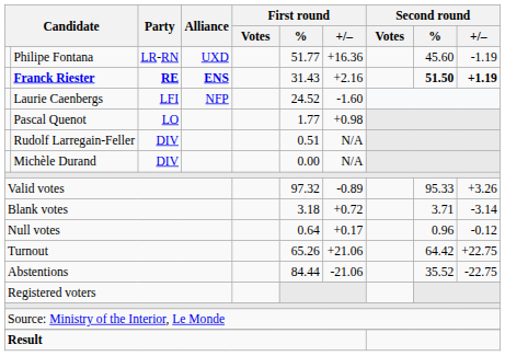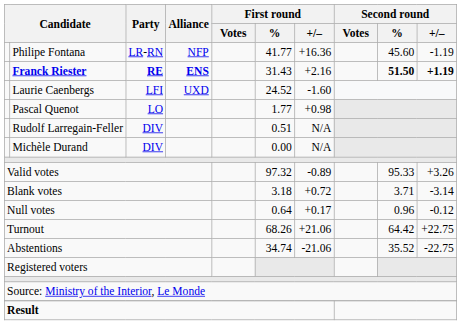 <table class="wikitable" style="text-align:right;font-size:95%;">
 <tr>
 <th rowspan="2" colspan="2">Candidate</th>
 <th rowspan="2">Party</th>
 <th rowspan="2">Alliance</th>
 <th colspan="3">First round</th>
 <th colspan="3">Second round</th>
 </tr>
 <tr>
 <th style="width:50px;">Votes</th>
 <th style="width:45px;">%</th>
 <th style="width:45px;">+/–</th>
 <th style="width:50px;">Votes</th>
 <th style="width:45px;">%</th>
 <th style="width:45px;">+/–</th>
 </tr>
 <tr>
 <td style="color:inherit;background:"></td>
 <td style="text-align:left;">Philipe Fontana</td>
 <td><a href='#'>LR</a>-<a href='#'>RN</a></td>
-<td><a href='#'>UXD</a></td>
+<td><a href='#'>NFP</a></td>
 <td></td>
-<td>51.77</td>
+<td>41.77</td>
 <td>+16.36</td>
 <td></td>
 <td>45.60</td>
 <td>-1.19</td>
 </tr>
 <tr>
 <td style="color:inherit;background:"></td>
 <td style="text-align:left;"><strong><a href='#'>Franck Riester</a></strong></td>
 <td><a href='#'><strong>RE</strong></a></td>
 <td><a href='#'><strong>ENS</strong></a></td>
 <td></td>
 <td>31.43</td>
 <td>+2.16</td>
 <td><strong></strong></td>
 <td><strong>51.50</strong></td>
 <td><strong>+1.19</strong></td>
 </tr>
 <tr>
 <td style="color:inherit;background:"></td>
 <td style="text-align:left;">Laurie Caenbergs</td>
 <td><a href='#'>LFI</a></td>
-<td><a href='#'>NFP</a></td>
+<td><a href='#'>UXD</a></td>
 <td></td>
 <td>24.52</td>
 <td>-1.60</td>
 <td colspan="3" style="background:#F8F9FA;"></td>
 </tr>
 <tr>
 <td style="color:inherit;background:"></td>
 <td style="text-align:left;">Pascal Quenot</td>
 <td><a href='#'>LO</a></td>
 <td></td>
 <td></td>
 <td>1.77</td>
 <td>+0.98</td>
 <td colspan="3" style="background:#E9E9E9;"></td>
 </tr>
 <tr>
 <td style="color:inherit;background:"></td>
 <td style="text-align:left;">Rudolf Larregain-Feller</td>
 <td><a href='#'>DIV</a></td>
 <td></td>
 <td></td>
 <td>0.51</td>
 <td>N/A</td>
 <td colspan="3" style="background:#E9E9E9;"></td>
 </tr>
 <tr>
 <td style="color:inherit;background:"></td>
 <td style="text-align:left;">Michèle Durand</td>
 <td><a href='#'>DIV</a></td>
 <td></td>
 <td></td>
 <td>0.00</td>
 <td>N/A</td>
 <td colspan="3" style="background:#E9E9E9;"></td>
 </tr>
 <tr>
 <td colspan="10" style="background:#E9E9E9;"></td>
 </tr>
 <tr>
 <td colspan="4" style="text-align:left;">Valid votes</td>
 <td></td>
 <td>97.32</td>
 <td>-0.89</td>
 <td></td>
 <td>95.33</td>
 <td>+3.26</td>
 </tr>
 <tr>
 <td colspan="4" style="text-align:left;">Blank votes</td>
 <td></td>
 <td>3.18</td>
 <td>+0.72</td>
 <td></td>
 <td>3.71</td>
 <td>-3.14</td>
 </tr>
 <tr>
 <td colspan="4" style="text-align:left;">Null votes</td>
 <td></td>
 <td>0.64</td>
 <td>+0.17</td>
 <td></td>
 <td>0.96</td>
 <td>-0.12</td>
 </tr>
 <tr>
 <td colspan="4" style="text-align:left;">Turnout</td>
 <td></td>
-<td>65.26</td>
+<td>68.26</td>
 <td>+21.06</td>
 <td></td>
 <td>64.42</td>
 <td>+22.75</td>
 </tr>
 <tr>
 <td colspan="4" style="text-align:left;">Abstentions</td>
 <td></td>
-<td>84.44</td>
+<td>34.74</td>
 <td>-21.06</td>
 <td></td>
 <td>35.52</td>
 <td>-22.75</td>
 </tr>
 <tr>
 <td colspan="4" style="text-align:left;">Registered voters</td>
 <td></td>
 <td colspan="2" style="background:#E9E9E9;"></td>
 <td></td>
 <td colspan="2" style="background:#E9E9E9;"></td>
 </tr>
 <tr>
 <td colspan="10" style="background:#E9E9E9;"></td>
 </tr>
 <tr>
 <td colspan="10" style="text-align:left;">Source: <a href='#'>Ministry of the Interior</a>, <a href='#'>Le Monde</a></td>
 </tr>
 <tr>
 </tr>
 <tr style="font-weight:bold">
 <td colspan="7" style="text-align:left;">Result</td>
 <td colspan="7" style="background-color:"></td>
 </tr>
 </table>
